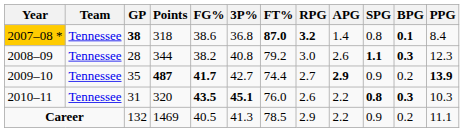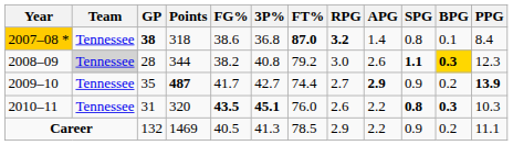 <table class="wikitable sortable">
 <tr>
 <th>Year</th>
 <th>Team</th>
 <th>GP</th>
 <th>Points</th>
 <th>FG%</th>
 <th>3P%</th>
 <th>FT%</th>
 <th>RPG</th>
 <th>APG</th>
 <th>SPG</th>
 <th>BPG</th>
 <th>PPG</th>
 </tr>
 <tr>
 <td bgcolor=#ffcc00>2007–08 *</td>
 <td><a href='#'>Tennessee</a></td>
 <td><strong>38</strong></td>
 <td>318</td>
 <td>38.6</td>
 <td>36.8</td>
 <td><strong>87.0</strong></td>
 <td><strong>3.2</strong></td>
 <td>1.4</td>
 <td>0.8</td>
-<td><strong>0.1</strong></td>
+<td>0.1</td>
 <td>8.4</td>
 </tr>
 <tr>
 <td>2008–09</td>
-<td><a href='#'>Tennessee</a></td>
+<td style="background: lightgrey;"><a href='#'>Tennessee</a></td>
 <td>28</td>
 <td>344</td>
 <td>38.2</td>
 <td>40.8</td>
 <td>79.2</td>
 <td>3.0</td>
 <td>2.6</td>
 <td><strong>1.1</strong></td>
-<td><strong>0.3</strong></td>
+<td style="background: gold;"><strong>0.3</strong></td>
 <td>12.3</td>
 </tr>
 <tr>
 <td>2009–10</td>
 <td><a href='#'>Tennessee</a></td>
 <td>35</td>
 <td><strong>487</strong></td>
-<td><strong>41.7</strong></td>
+<td>41.7</td>
 <td>42.7</td>
 <td>74.4</td>
 <td>2.7</td>
 <td><strong>2.9</strong></td>
 <td>0.9</td>
 <td>0.2</td>
 <td><strong>13.9</strong></td>
 </tr>
 <tr>
 <td>2010–11</td>
 <td><a href='#'>Tennessee</a></td>
 <td>31</td>
 <td>320</td>
 <td><strong>43.5</strong></td>
 <td><strong>45.1</strong></td>
 <td>76.0</td>
 <td>2.6</td>
 <td>2.2</td>
 <td><strong>0.8</strong></td>
 <td><strong>0.3</strong></td>
 <td>10.3</td>
 </tr>
 <tr class="sortbottom">
 <td colspan=2 align=center><strong>Career</strong></td>
 <td>132</td>
 <td>1469</td>
 <td>40.5</td>
 <td>41.3</td>
 <td>78.5</td>
 <td>2.9</td>
 <td>2.2</td>
 <td>0.9</td>
 <td>0.2</td>
 <td>11.1</td>
 </tr>
 </table>
